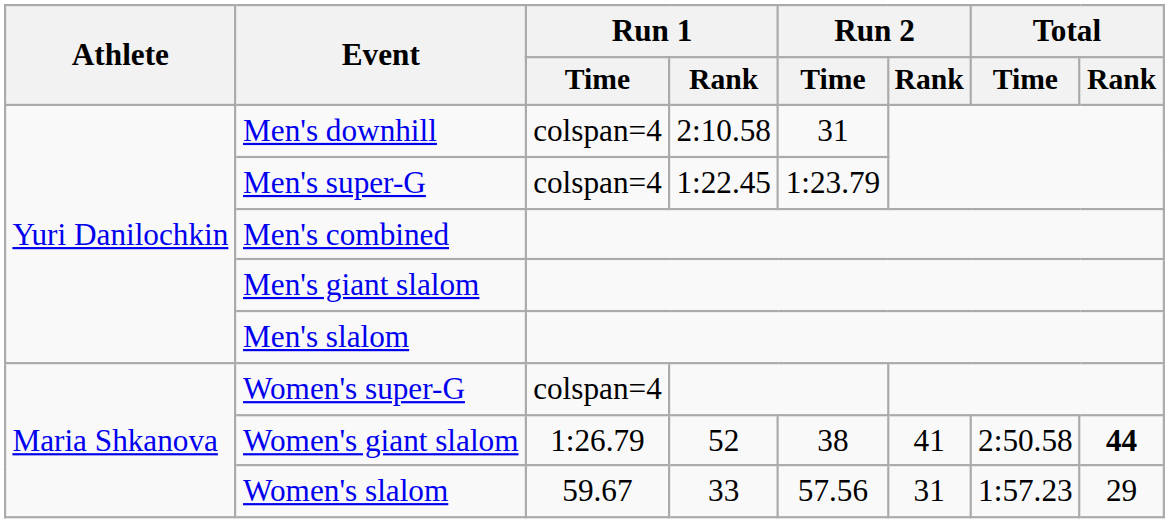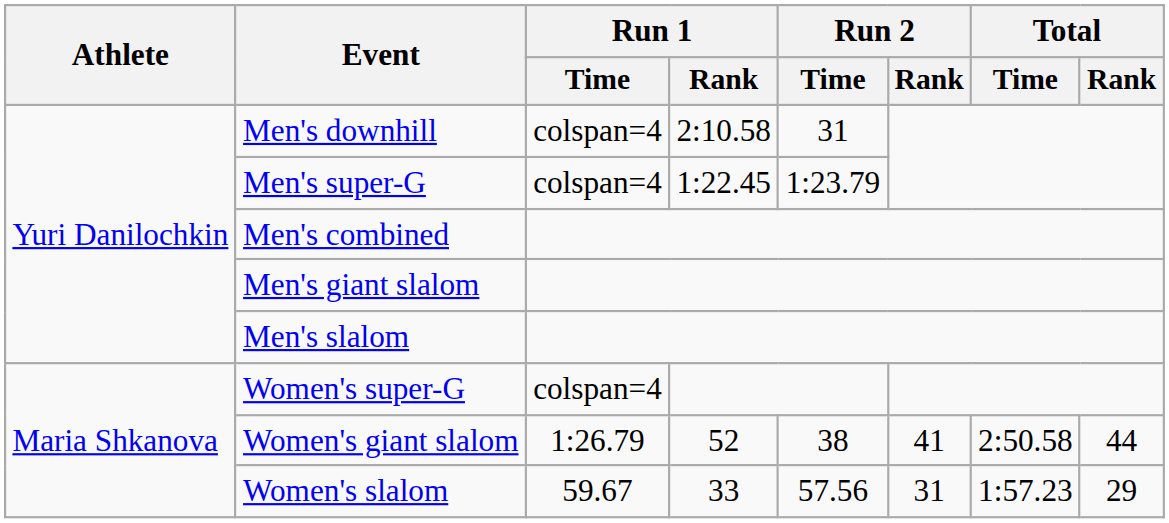 <table class="wikitable" style="font-size:90%">
 <tr>
 <th rowspan=2>Athlete</th>
 <th rowspan=2>Event</th>
 <th colspan=2>Run 1</th>
 <th colspan=2>Run 2</th>
 <th colspan=2>Total</th>
 </tr>
 <tr style="font-size:95%">
 <th>Time</th>
 <th>Rank</th>
 <th>Time</th>
 <th>Rank</th>
 <th>Time</th>
 <th>Rank</th>
 </tr>
 <tr align=center>
 <td align=left rowspan=5><a href='#'>Yuri Danilochkin</a></td>
 <td align=left><a href='#'>Men's downhill</a></td>
 <td>colspan=4 </td>
 <td>2:10.58</td>
 <td>31</td>
 </tr>
 <tr align=center>
 <td align=left><a href='#'>Men's super-G</a></td>
 <td>colspan=4 </td>
 <td>1:22.45</td>
 <td>1:23.79</td>
 </tr>
 <tr align=center>
 <td align=left><a href='#'>Men's combined</a></td>
 <td colspan=6></td>
 </tr>
 <tr align=center>
 <td align=left><a href='#'>Men's giant slalom</a></td>
 <td colspan=6></td>
 </tr>
 <tr align=center>
 <td align=left><a href='#'>Men's slalom</a></td>
 <td colspan=6></td>
 </tr>
 <tr align=center>
 <td align=left rowspan=3><a href='#'>Maria Shkanova</a></td>
 <td align=left><a href='#'>Women's super-G</a></td>
 <td>colspan=4 </td>
 <td colspan=2></td>
 </tr>
 <tr align=center>
 <td align=left><a href='#'>Women's giant slalom</a></td>
 <td>1:26.79</td>
 <td>52</td>
 <td>38</td>
 <td>41</td>
 <td>2:50.58</td>
-<td><strong>44</strong></td>
+<td>44</td>
 </tr>
 <tr align=center>
 <td align=left><a href='#'>Women's slalom</a></td>
 <td>59.67</td>
 <td>33</td>
 <td>57.56</td>
 <td>31</td>
 <td>1:57.23</td>
 <td>29</td>
 </tr>
 </table>
